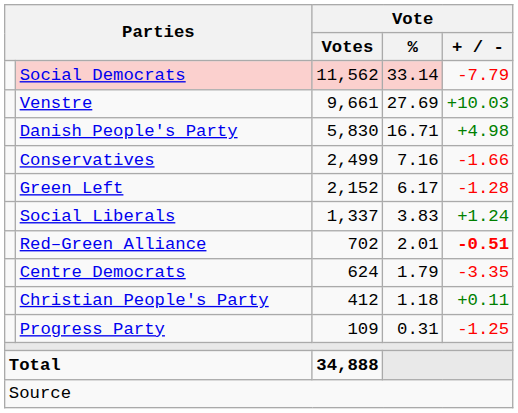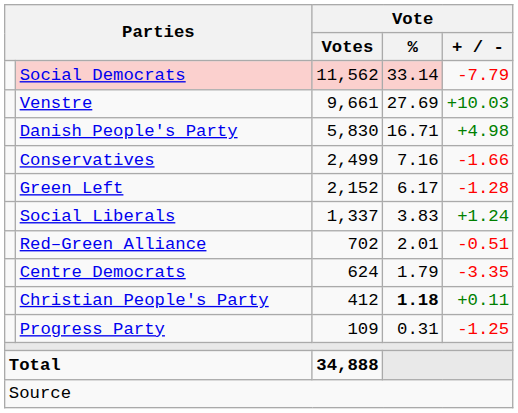 <table class="wikitable" style="text-align:right;">
 <tr>
 <th style="text-align:centre;" rowspan="2" colspan="2" width="225">Parties</th>
 <th colspan="3">Vote</th>
 </tr>
 <tr>
 <th width="15">Votes</th>
 <th width="15">%</th>
 <th width="15">+ / -</th>
 </tr>
 <tr>
 <td width="2" style="color:inherit;background:"></td>
 <td bgcolor=#fbd0ce  align="left"><a href='#'>Social Democrats</a></td>
 <td bgcolor=#fbd0ce>11,562</td>
 <td bgcolor=#fbd0ce>33.14</td>
 <td style=color:red;>-7.79</td>
 </tr>
 <tr>
 <td width="2" style="color:inherit;background:"></td>
 <td align="left"><a href='#'>Venstre</a></td>
 <td>9,661</td>
 <td>27.69</td>
 <td style=color:green;>+10.03</td>
 </tr>
 <tr>
 <td width="2" style="color:inherit;background:"></td>
 <td align="left"><a href='#'>Danish People's Party</a></td>
 <td>5,830</td>
 <td>16.71</td>
 <td style=color:green;>+4.98</td>
 </tr>
 <tr>
 <td width="2" style="color:inherit;background:"></td>
 <td align="left"><a href='#'>Conservatives</a></td>
 <td>2,499</td>
 <td>7.16</td>
 <td style=color:red;>-1.66</td>
 </tr>
 <tr>
 <td width="2" style="color:inherit;background:"></td>
 <td align="left"><a href='#'>Green Left</a></td>
 <td>2,152</td>
 <td>6.17</td>
 <td style=color:red;>-1.28</td>
 </tr>
 <tr>
 <td width="2" style="color:inherit;background:"></td>
 <td align="left"><a href='#'>Social Liberals</a></td>
 <td>1,337</td>
 <td>3.83</td>
 <td style=color:green;>+1.24</td>
 </tr>
 <tr>
 <td width="2" style="color:inherit;background:"></td>
 <td align="left"><a href='#'>Red–Green Alliance</a></td>
 <td>702</td>
 <td>2.01</td>
-<td style=color:red;><strong>-0.51</strong></td>
+<td style=color:red;>-0.51</td>
 </tr>
 <tr>
 <td width="2" style="color:inherit;background:"></td>
 <td align="left"><a href='#'>Centre Democrats</a></td>
 <td>624</td>
 <td>1.79</td>
 <td style=color:red;>-3.35</td>
 </tr>
 <tr>
 <td width="2" style="color:inherit;background:"></td>
 <td align="left"><a href='#'>Christian People's Party</a></td>
 <td>412</td>
-<td>1.18</td>
+<td><strong>1.18</strong></td>
 <td style=color:green;>+0.11</td>
 </tr>
 <tr>
 <td width="2" style="color:inherit;background:"></td>
 <td align="left"><a href='#'>Progress Party</a></td>
 <td>109</td>
 <td>0.31</td>
 <td style=color:red;>-1.25</td>
 </tr>
 <tr>
 <td colspan="7" bgcolor="#E9E9E9"></td>
 </tr>
 <tr>
 <td align="left" colspan="2"><strong>Total</strong></td>
 <td><strong>34,888</strong></td>
 <td bgcolor="#E9E9E9" colspan="2"></td>
 </tr>
 <tr>
 <td align="left" colspan="6">Source</td>
 </tr>
 </table>
